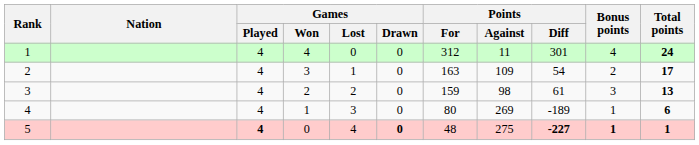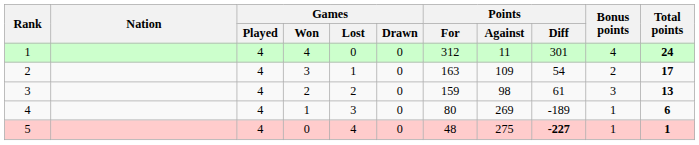 <table class="wikitable" style="text-align:center">
 <tr>
 <th rowspan="2" style="width:6%;">Rank</th>
 <th rowspan="2" style="width:24%;">Nation</th>
 <th colspan="4" style="width:24%;">Games</th>
 <th colspan="3" style="width:21%;">Points</th>
 <th rowspan="2" style="width:7%;">Bonus<br>points</th>
 <th rowspan="2" style="width:7%;">Total<br>points</th>
 </tr>
 <tr>
 <th style="width:6%;">Played</th>
 <th style="width:6%;">Won</th>
 <th style="width:6%;">Lost</th>
 <th style="width:6%;">Drawn</th>
 <th style="width:7%;">For</th>
 <th style="width:7%;">Against</th>
 <th style="width:7%;">Diff</th>
 </tr>
 <tr style="background:#cfc;">
 <td>1</td>
 <td align="left"></td>
 <td>4</td>
 <td>4</td>
 <td>0</td>
 <td>0</td>
 <td>312</td>
 <td>11</td>
 <td>301</td>
 <td>4</td>
 <td><strong>24</strong></td>
 </tr>
 <tr>
 <td>2</td>
 <td align="left"></td>
 <td>4</td>
 <td>3</td>
 <td>1</td>
 <td>0</td>
 <td>163</td>
 <td>109</td>
 <td>54</td>
 <td>2</td>
 <td><strong>17</strong></td>
 </tr>
 <tr>
 <td>3</td>
 <td align="left"></td>
 <td>4</td>
 <td>2</td>
 <td>2</td>
 <td>0</td>
 <td>159</td>
 <td>98</td>
 <td>61</td>
 <td>3</td>
 <td><strong>13</strong></td>
 </tr>
 <tr>
 <td>4</td>
 <td align="left"></td>
 <td>4</td>
 <td>1</td>
 <td>3</td>
 <td>0</td>
 <td>80</td>
 <td>269</td>
 <td>-189</td>
 <td>1</td>
 <td><strong>6</strong></td>
 </tr>
 <tr style="background:#fcc;">
 <td>5</td>
 <td align="left"></td>
-<td><strong>4</strong></td>
+<td>4</td>
 <td>0</td>
 <td>4</td>
-<td><strong>0</strong></td>
+<td>0</td>
 <td>48</td>
 <td>275</td>
 <td><strong>-227</strong></td>
-<td><strong>1</strong></td>
+<td>1</td>
 <td><strong>1</strong></td>
 </tr>
 </table>
